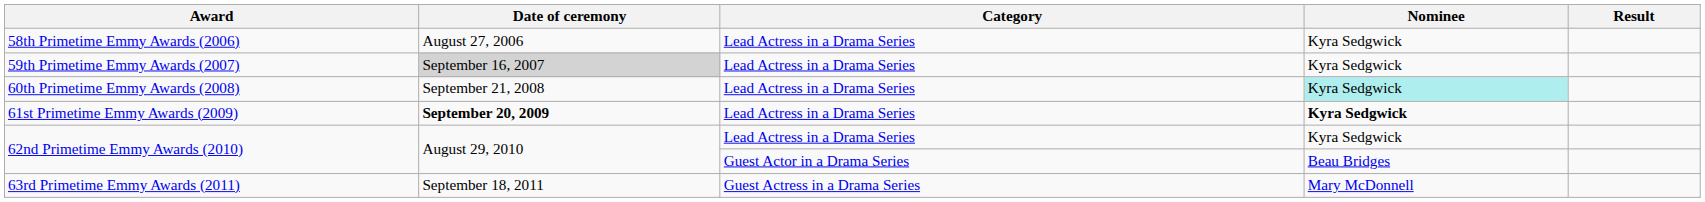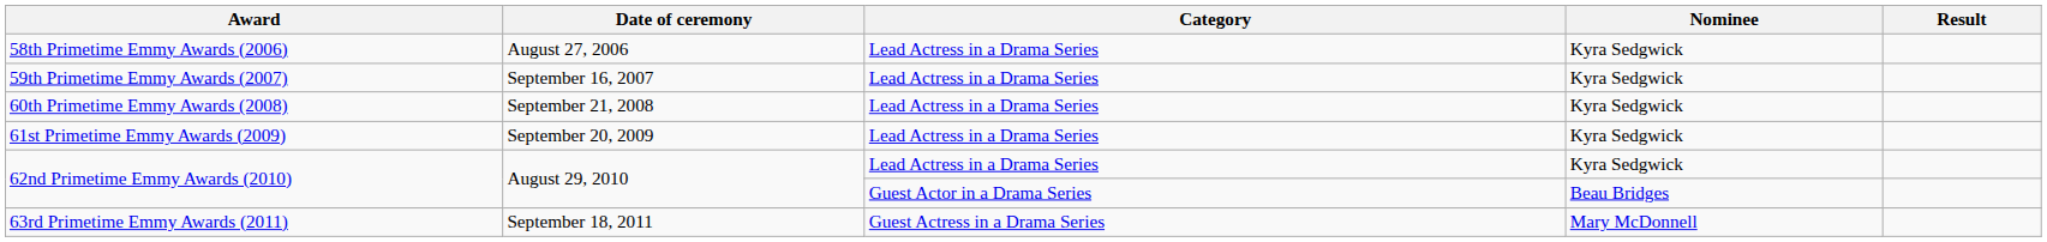 <table class="wikitable" style="width:90%;">
 <tr>
 <th style="width:22%;">Award</th>
 <th style="width:16%;">Date of ceremony</th>
 <th style="width:31%;">Category</th>
 <th style="width:14%;">Nominee</th>
 <th style="width:7%;">Result</th>
 </tr>
 <tr>
 <td><a href='#'>58th Primetime Emmy Awards (2006)</a></td>
 <td>August 27, 2006</td>
 <td><a href='#'>Lead Actress in a Drama Series</a></td>
 <td>Kyra Sedgwick</td>
 <td></td>
 </tr>
 <tr>
 <td><a href='#'>59th Primetime Emmy Awards (2007)</a></td>
-<td style="background: lightgrey;">September 16, 2007</td>
+<td>September 16, 2007</td>
 <td><a href='#'>Lead Actress in a Drama Series</a></td>
 <td>Kyra Sedgwick</td>
 <td></td>
 </tr>
 <tr>
 <td><a href='#'>60th Primetime Emmy Awards (2008)</a></td>
 <td>September 21, 2008</td>
 <td><a href='#'>Lead Actress in a Drama Series</a></td>
-<td style="background: paleturquoise;">Kyra Sedgwick</td>
+<td>Kyra Sedgwick</td>
 <td></td>
 </tr>
 <tr>
 <td><a href='#'>61st Primetime Emmy Awards (2009)</a></td>
-<td><strong>September 20, 2009</strong></td>
+<td>September 20, 2009</td>
 <td><a href='#'>Lead Actress in a Drama Series</a></td>
-<td><strong>Kyra Sedgwick</strong></td>
+<td>Kyra Sedgwick</td>
 <td></td>
 </tr>
 <tr>
 <td rowspan="2"><a href='#'>62nd Primetime Emmy Awards (2010)</a></td>
 <td rowspan="2">August 29, 2010</td>
 <td><a href='#'>Lead Actress in a Drama Series</a></td>
 <td>Kyra Sedgwick</td>
 <td></td>
 </tr>
 <tr>
 <td><a href='#'>Guest Actor in a Drama Series</a></td>
 <td><a href='#'>Beau Bridges</a></td>
 <td></td>
 </tr>
 <tr>
 <td><a href='#'>63rd Primetime Emmy Awards (2011)</a></td>
 <td>September 18, 2011</td>
 <td><a href='#'>Guest Actress in a Drama Series</a></td>
 <td><a href='#'>Mary McDonnell</a></td>
 <td></td>
 </tr>
 </table>
